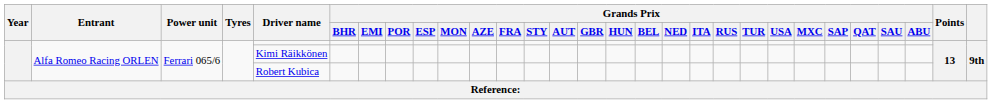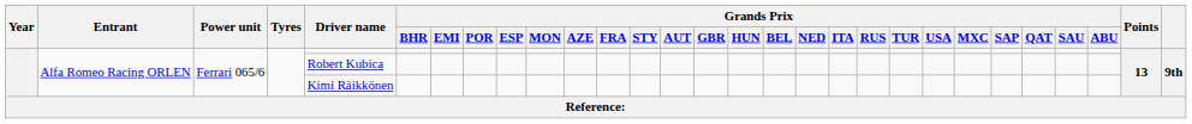 <table class="wikitable" style="text-align:center; font-size:90%">
 <tr>
 <th rowspan="2">Year</th>
 <th rowspan="2">Entrant</th>
 <th rowspan="2">Power unit</th>
 <th rowspan="2">Tyres</th>
 <th rowspan="2">Driver name</th>
 <th colspan="22">Grands Prix</th>
 <th rowspan="2">Points</th>
 <th rowspan="2"></th>
 </tr>
 <tr>
 <th><a href='#'>BHR</a></th>
 <th><a href='#'>EMI</a></th>
 <th><a href='#'>POR</a></th>
 <th><a href='#'>ESP</a></th>
 <th><a href='#'>MON</a></th>
 <th><a href='#'>AZE</a></th>
 <th><a href='#'>FRA</a></th>
 <th><a href='#'>STY</a></th>
 <th><a href='#'>AUT</a></th>
 <th><a href='#'>GBR</a></th>
 <th><a href='#'>HUN</a></th>
 <th><a href='#'>BEL</a></th>
 <th><a href='#'>NED</a></th>
 <th><a href='#'>ITA</a></th>
 <th><a href='#'>RUS</a></th>
 <th><a href='#'>TUR</a></th>
 <th><a href='#'>USA</a></th>
 <th><a href='#'>MXC</a></th>
 <th><a href='#'>SAP</a></th>
 <th><a href='#'>QAT</a></th>
 <th><a href='#'>SAU</a></th>
 <th><a href='#'>ABU</a></th>
 </tr>
 <tr>
 <th rowspan="3"></th>
 <td rowspan="3"><a href='#'>Alfa Romeo Racing ORLEN</a></td>
 <td rowspan="3"><a href='#'>Ferrari</a> 065/6</td>
 <td rowspan="3"></td>
 <td align=left></td>
 <td></td>
 <td></td>
 <td></td>
 <td></td>
 <td></td>
 <td></td>
 <td></td>
 <td></td>
 <td></td>
 <td></td>
 <td></td>
 <td></td>
 <td></td>
 <td></td>
 <td></td>
 <td></td>
 <td></td>
 <td></td>
 <td></td>
 <td></td>
 <td></td>
 <td></td>
 <th rowspan="3">13</th>
 <th rowspan="3">9th</th>
 </tr>
 <tr>
-<td align=left> <a href='#'>Kimi Räikkönen</a></td>
+<td align=left> <a href='#'>Robert Kubica</a></td>
 <td></td>
 <td></td>
 <td></td>
 <td></td>
 <td></td>
 <td></td>
 <td></td>
 <td></td>
 <td></td>
 <td></td>
 <td></td>
 <td></td>
 <td></td>
 <td></td>
 <td></td>
 <td></td>
 <td></td>
 <td></td>
 <td></td>
 <td></td>
 <td></td>
 <td></td>
 </tr>
 <tr>
-<td align=left> <a href='#'>Robert Kubica</a></td>
+<td align=left> <a href='#'>Kimi Räikkönen</a></td>
 <td></td>
 <td></td>
 <td></td>
 <td></td>
 <td></td>
 <td></td>
 <td></td>
 <td></td>
 <td></td>
 <td></td>
 <td></td>
 <td></td>
 <td></td>
 <td></td>
 <td></td>
 <td></td>
 <td></td>
 <td></td>
 <td></td>
 <td></td>
 <td></td>
 <td></td>
 </tr>
 <tr>
 <th colspan="29">Reference:</th>
 </tr>
 </table>
